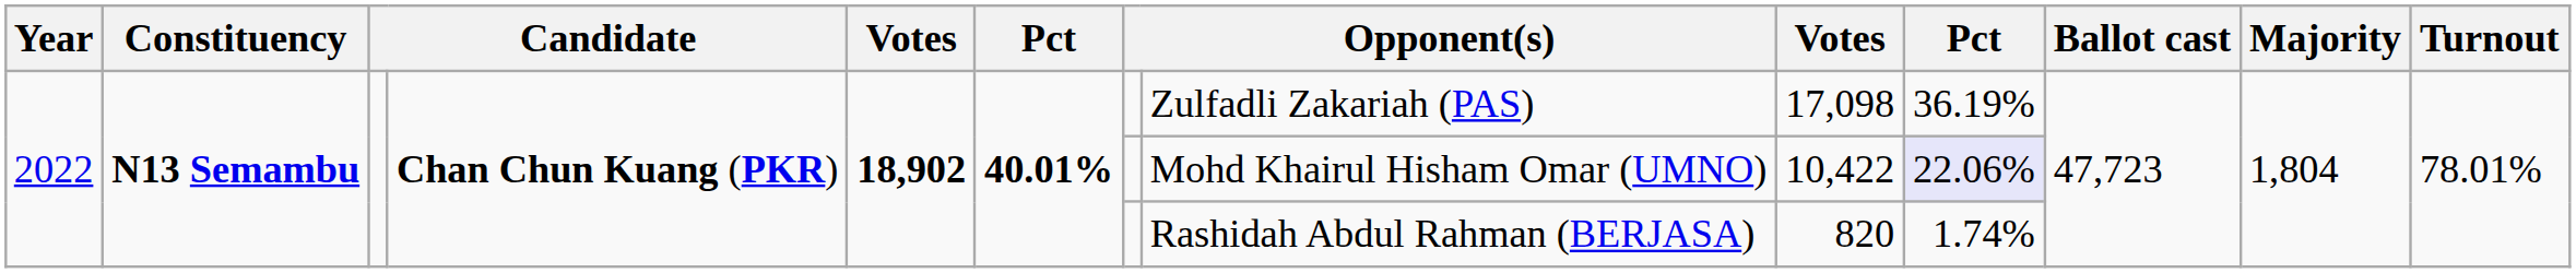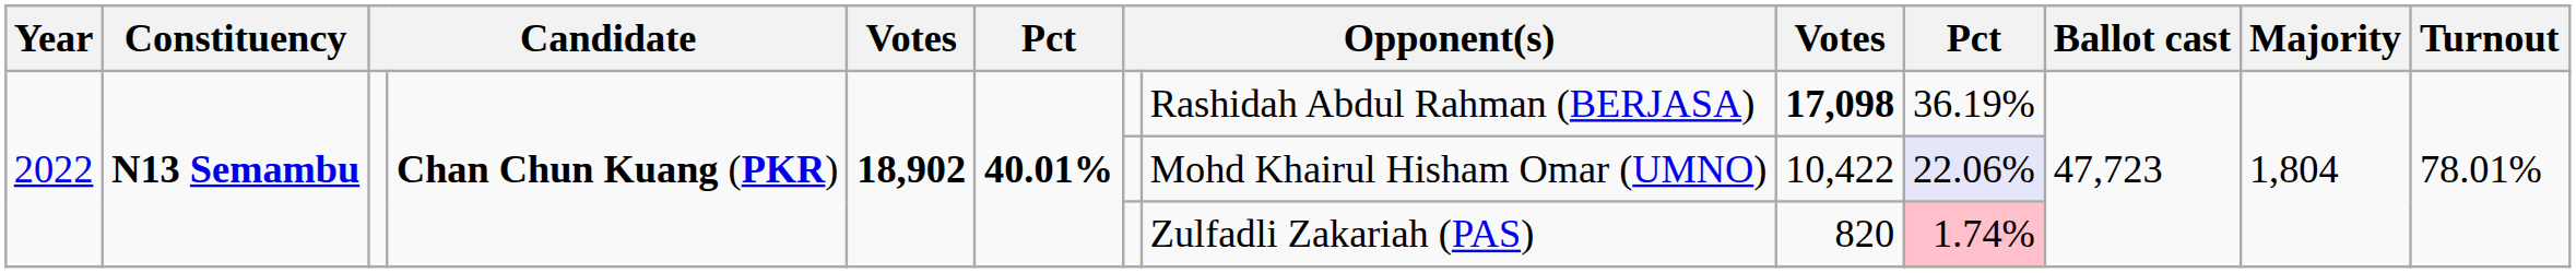 <table class="wikitable" style="margin:0.5em ; font-size:95%">
 <tr>
 <th>Year</th>
 <th>Constituency</th>
 <th colspan=2>Candidate</th>
 <th>Votes</th>
 <th>Pct</th>
 <th colspan=2>Opponent(s)</th>
 <th>Votes</th>
 <th>Pct</th>
 <th>Ballot cast</th>
 <th>Majority</th>
 <th>Turnout</th>
 </tr>
 <tr>
 <td rowspan=3><a href='#'>2022</a></td>
 <td rowspan=3><strong>N13 <a href='#'>Semambu</a></strong></td>
 <td rowspan=3 ></td>
 <td rowspan=3><strong>Chan Chun Kuang</strong> (<a href='#'><strong>PKR</strong></a>)</td>
 <td rowspan=3 align=right><strong>18,902</strong></td>
 <td rowspan=3><strong>40.01%</strong></td>
 <td bgcolor=></td>
-<td>Zulfadli Zakariah (<a href='#'>PAS</a>)</td>
-<td align=right>17,098</td>
+<td>Rashidah Abdul Rahman (<a href='#'>BERJASA</a>)</td>
+<td align=right><strong>17,098</strong></td>
 <td>36.19%</td>
 <td rowspan=3>47,723</td>
 <td rowspan=3>1,804</td>
 <td rowspan=3>78.01%</td>
 </tr>
 <tr>
 <td></td>
 <td>Mohd Khairul Hisham Omar (<a href='#'>UMNO</a>)</td>
 <td align=right>10,422</td>
 <td style="background: lavender;">22.06%</td>
 </tr>
 <tr>
 <td bgcolor=></td>
-<td>Rashidah Abdul Rahman (<a href='#'>BERJASA</a>)</td>
+<td>Zulfadli Zakariah (<a href='#'>PAS</a>)</td>
 <td align=right>820</td>
-<td align=right>1.74%</td>
+<td align=right style="background: pink;">1.74%</td>
 </tr>
 </table>
